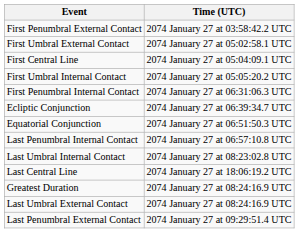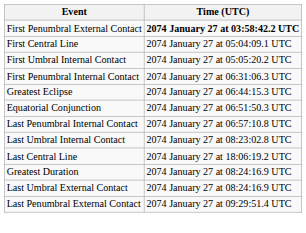 <table class="wikitable">
 <tr>
 <th>Event</th>
 <th>Time (UTC)</th>
 </tr>
 <tr>
 <td>First Penumbral External Contact</td>
-<td>2074 January 27 at 03:58:42.2 UTC</td>
-</tr>
-<tr>
-<td>First Umbral External Contact</td>
-<td>2074 January 27 at 05:02:58.1 UTC</td>
+<td><strong>2074 January 27 at 03:58:42.2 UTC</strong></td>
 </tr>
 <tr>
 <td>First Central Line</td>
 <td>2074 January 27 at 05:04:09.1 UTC</td>
 </tr>
 <tr>
 <td>First Umbral Internal Contact</td>
 <td>2074 January 27 at 05:05:20.2 UTC</td>
 </tr>
 <tr>
 <td>First Penumbral Internal Contact</td>
 <td>2074 January 27 at 06:31:06.3 UTC</td>
 </tr>
 <tr>
-<td>Ecliptic Conjunction</td>
-<td>2074 January 27 at 06:39:34.7 UTC</td>
+<td>Greatest Eclipse</td>
+<td>2074 January 27 at 06:44:15.3 UTC</td>
 </tr>
 <tr>
 <td>Equatorial Conjunction</td>
 <td>2074 January 27 at 06:51:50.3 UTC</td>
 </tr>
 <tr>
 <td>Last Penumbral Internal Contact</td>
 <td>2074 January 27 at 06:57:10.8 UTC</td>
 </tr>
 <tr>
 <td>Last Umbral Internal Contact</td>
 <td>2074 January 27 at 08:23:02.8 UTC</td>
 </tr>
 <tr>
 <td>Last Central Line</td>
 <td>2074 January 27 at 18:06:19.2 UTC</td>
 </tr>
 <tr>
 <td>Greatest Duration</td>
 <td>2074 January 27 at 08:24:16.9 UTC</td>
 </tr>
 <tr>
 <td>Last Umbral External Contact</td>
 <td>2074 January 27 at 08:24:16.9 UTC</td>
 </tr>
 <tr>
 <td>Last Penumbral External Contact</td>
 <td>2074 January 27 at 09:29:51.4 UTC</td>
 </tr>
 </table>
